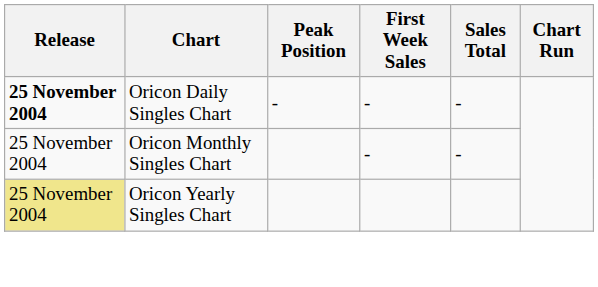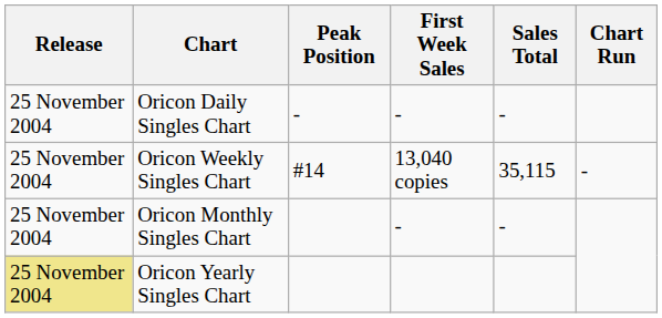 <table class="wikitable" width="500 px">
 <tr>
 <th align="left">Release</th>
 <th align="left">Chart</th>
 <th align="left">Peak Position</th>
 <th align="left">First Week Sales</th>
 <th align="left">Sales Total</th>
 <th align="left">Chart Run</th>
 </tr>
 <tr>
-<td align="left"><strong>25 November 2004</strong></td>
+<td align="left">25 November 2004</td>
 <td align="left">Oricon Daily Singles Chart</td>
 <td align="left">-</td>
 <td align="left">-</td>
+<td align="left">-</td>
+</tr>
+<tr>
+<td align="left">25 November 2004</td>
+<td align="left">Oricon Weekly Singles Chart</td>
+<td align="left">#14</td>
+<td align="left">13,040 copies</td>
+<td align="left">35,115</td>
 <td align="left">-</td>
 </tr>
 <tr>
 <td align="left">25 November 2004</td>
 <td align="left">Oricon Monthly Singles Chart</td>
 <td align="left"></td>
 <td align="left">-</td>
 <td align="left">-</td>
 </tr>
 <tr>
 <td align="left" style="background: khaki;">25 November 2004</td>
 <td align="left">Oricon Yearly Singles Chart</td>
 <td align="left"></td>
 <td align="left"></td>
 <td align="left"></td>
 </tr>
 </table>
